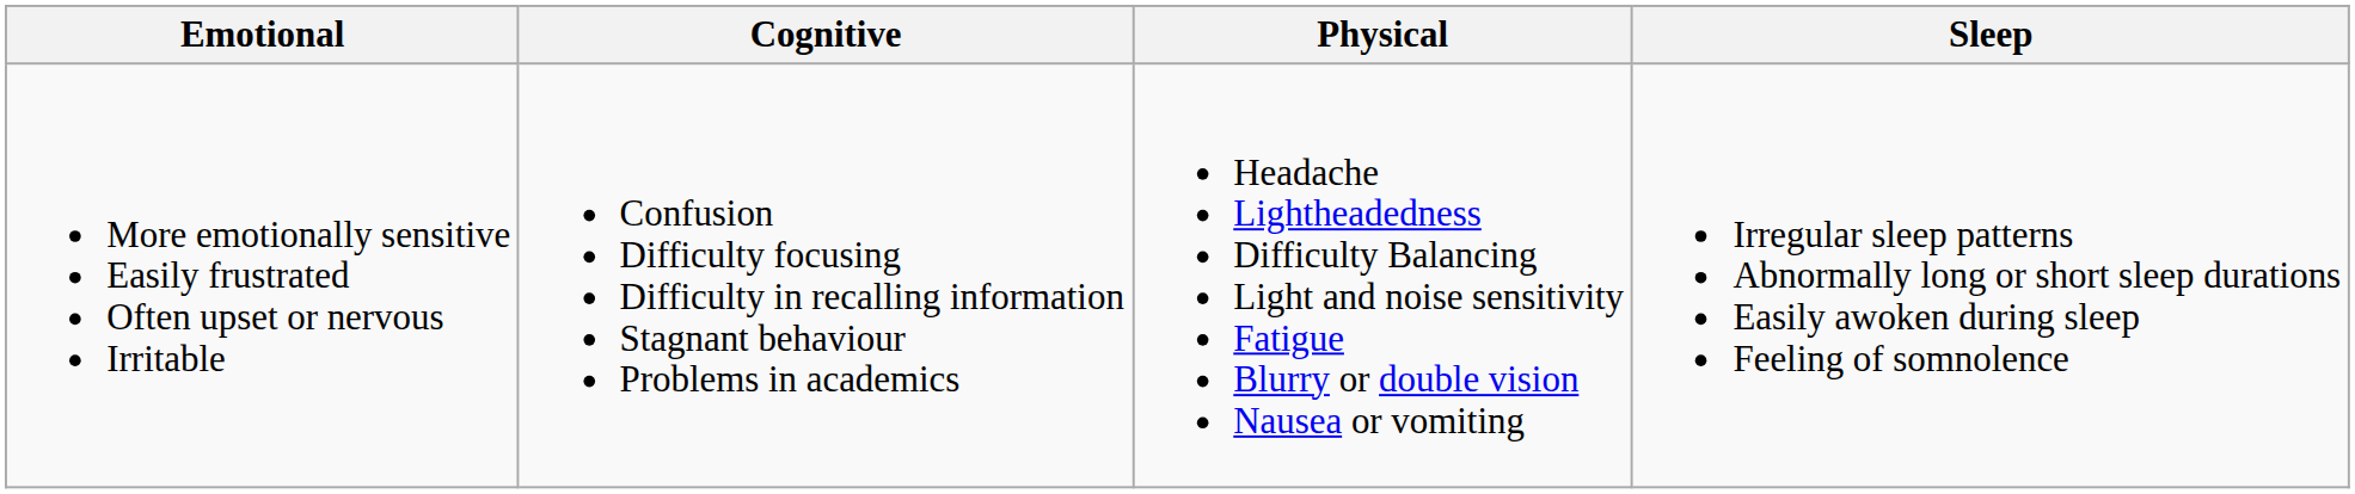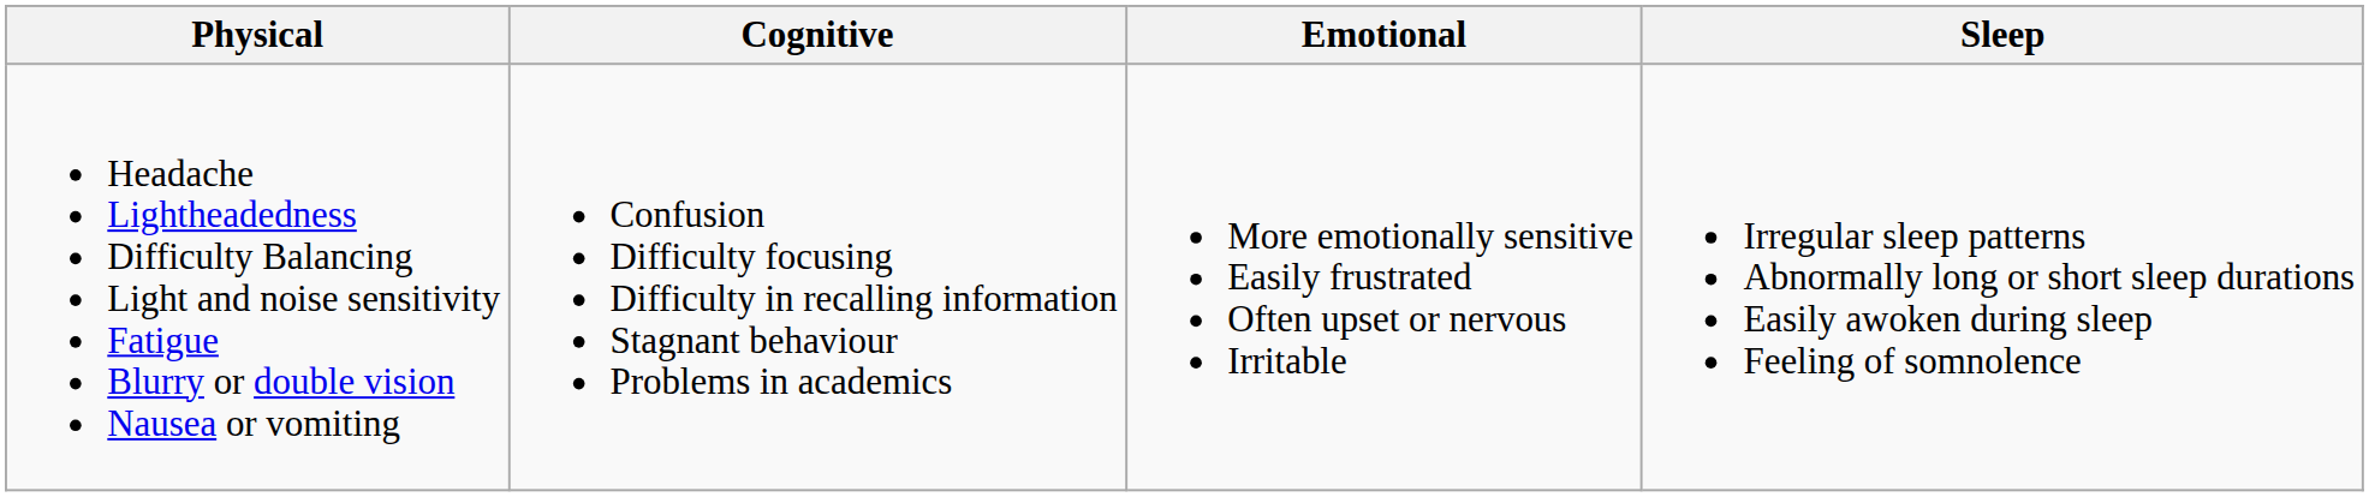 <table class="wikitable mw-collapsible">
 <tr>
+<th>Physical</th>
+<th>Cognitive</th>
 <th>Emotional</th>
-<th>Cognitive</th>
-<th>Physical</th>
 <th>Sleep</th>
 </tr>
 <tr>
+<td><br><ul><li>Headache</li><li><a href='#'>Lightheadedness</a></li><li>Difficulty Balancing</li><li>Light and noise sensitivity</li><li><a href='#'>Fatigue</a></li><li><a href='#'>Blurry</a> or <a href='#'>double vision</a></li><li><a href='#'>Nausea</a> or vomiting</li></ul></td>
+<td><br><ul><li>Confusion</li><li>Difficulty focusing</li><li>Difficulty in recalling information</li><li>Stagnant behaviour</li><li>Problems in academics</li></ul></td>
 <td><br><ul><li>More emotionally sensitive</li><li>Easily frustrated</li><li>Often upset or nervous</li><li>Irritable</li></ul></td>
-<td><br><ul><li>Confusion</li><li>Difficulty focusing</li><li>Difficulty in recalling information</li><li>Stagnant behaviour</li><li>Problems in academics</li></ul></td>
-<td><br><ul><li>Headache</li><li><a href='#'>Lightheadedness</a></li><li>Difficulty Balancing</li><li>Light and noise sensitivity</li><li><a href='#'>Fatigue</a></li><li><a href='#'>Blurry</a> or <a href='#'>double vision</a></li><li><a href='#'>Nausea</a> or vomiting</li></ul></td>
 <td><br><ul><li>Irregular sleep patterns</li><li>Abnormally long or short sleep durations</li><li>Easily awoken during sleep</li><li>Feeling of somnolence</li></ul></td>
 </tr>
 </table>
